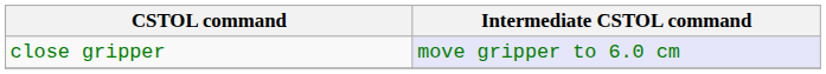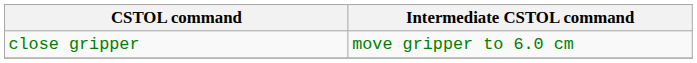 <table class="wikitable" style="align: center; text-align: left;">
 <tr>
 <th style="width:20em;">CSTOL command</th>
 <th style="width:20em;">Intermediate CSTOL command</th>
 </tr>
 <tr style="font-family: monospace, Courier;">
 <td style="color: green">close gripper</td>
-<td style="background: lavender; color: green">move gripper to 6.0 cm</td>
+<td style="color: green">move gripper to 6.0 cm</td>
 </tr>
 <tr>
 </tr>
 </table>
